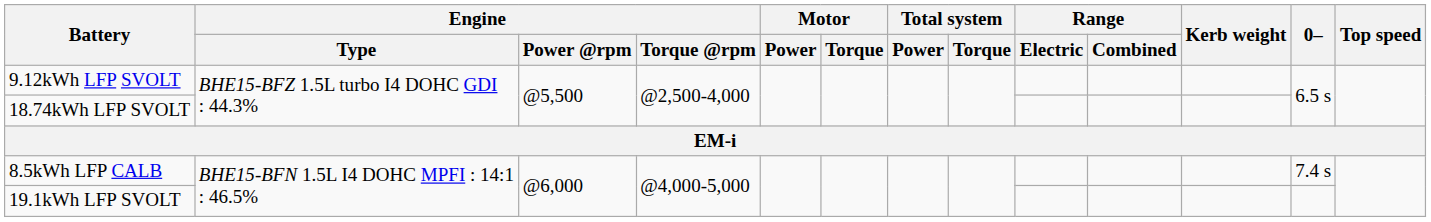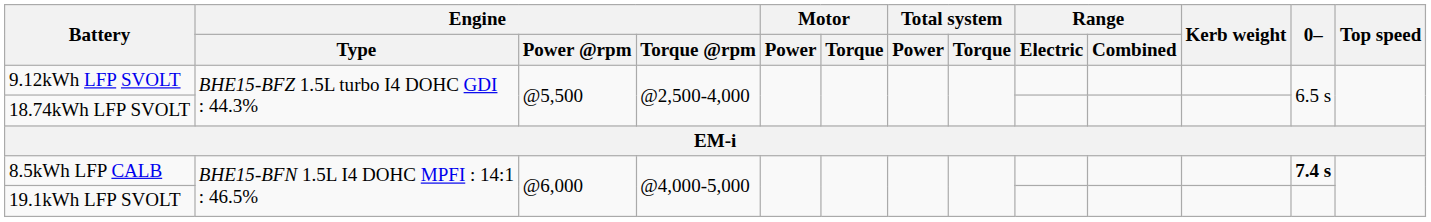 <table class="wikitable">
 <tr>
 <th rowspan="2">Battery</th>
 <th colspan="3">Engine</th>
 <th colspan="2">Motor</th>
 <th colspan="2">Total system</th>
 <th colspan="2">Range</th>
 <th rowspan="2">Kerb weight</th>
 <th rowspan="2">0–</th>
 <th rowspan="2">Top speed</th>
 </tr>
 <tr>
 <th>Type</th>
 <th>Power @rpm</th>
 <th>Torque @rpm</th>
 <th>Power</th>
 <th>Torque</th>
 <th>Power</th>
 <th>Torque</th>
 <th>Electric</th>
 <th>Combined</th>
 </tr>
 <tr>
 <td>9.12kWh <a href='#'>LFP</a> <a href='#'>SVOLT</a></td>
 <td rowspan="2"><em>BHE15-BFZ</em> 1.5L turbo I4 DOHC <a href='#'>GDI</a><br>: 44.3%</td>
 <td rowspan="2"> @5,500</td>
 <td rowspan="2"> @2,500-4,000</td>
 <td rowspan="2"></td>
 <td rowspan="2"></td>
 <td rowspan="2"></td>
 <td rowspan="2"></td>
 <td></td>
 <td></td>
 <td></td>
 <td rowspan="2">6.5 s</td>
 <td rowspan="2"></td>
 </tr>
 <tr>
 <td>18.74kWh LFP SVOLT</td>
 <td></td>
 <td></td>
 <td></td>
 </tr>
 <tr>
 <th colspan="13">EM-i</th>
 </tr>
 <tr>
 <td>8.5kWh LFP <a href='#'>CALB</a></td>
 <td rowspan="2"><em>BHE15-BFN</em> 1.5L I4 DOHC <a href='#'>MPFI</a> : 14:1<br>: 46.5%</td>
 <td rowspan="2"> @6,000</td>
 <td rowspan="2"> @4,000-5,000</td>
 <td rowspan="2"></td>
 <td rowspan="2"></td>
 <td rowspan="2"></td>
 <td rowspan="2"></td>
 <td></td>
 <td></td>
 <td></td>
-<td>7.4 s</td>
+<td><strong>7.4 s</strong></td>
 <td rowspan="2"></td>
 </tr>
 <tr>
 <td>19.1kWh LFP SVOLT</td>
 <td></td>
 <td></td>
 <td></td>
 <td></td>
 </tr>
 </table>
